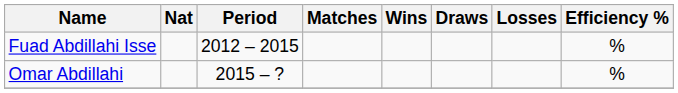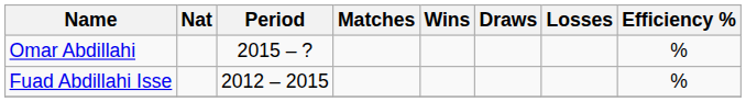 <table class="wikitable">
 <tr>
 <th>Name</th>
 <th>Nat</th>
 <th>Period</th>
 <th>Matches</th>
 <th>Wins</th>
 <th>Draws</th>
 <th>Losses</th>
 <th>Efficiency %</th>
 </tr>
 <tr>
+<td><a href='#'>Omar Abdillahi</a></td>
+<td align="center"></td>
+<td align="center">2015 – ?</td>
+<td align="center"></td>
+<td align="center"></td>
+<td align="center"></td>
+<td align="center"></td>
+<td align="center">%</td>
+</tr>
+<tr>
 <td><a href='#'>Fuad Abdillahi Isse</a></td>
 <td align="center"></td>
 <td align="center">2012 – 2015</td>
 <td align="center"></td>
 <td align="center"></td>
 <td align="center"></td>
 <td align="center"></td>
 <td align="center">%</td>
 </tr>
 <tr>
-<td><a href='#'>Omar Abdillahi</a></td>
-<td align="center"></td>
-<td align="center">2015 – ?</td>
-<td align="center"></td>
-<td align="center"></td>
-<td align="center"></td>
-<td align="center"></td>
-<td align="center">%</td>
-</tr>
-<tr>
 </tr>
 </table>
